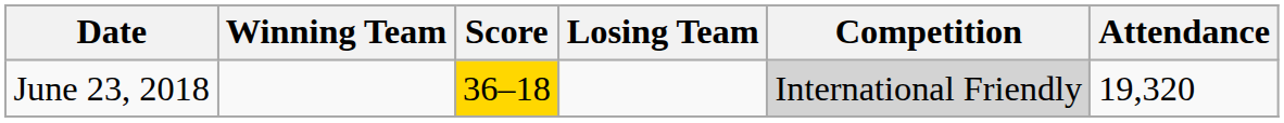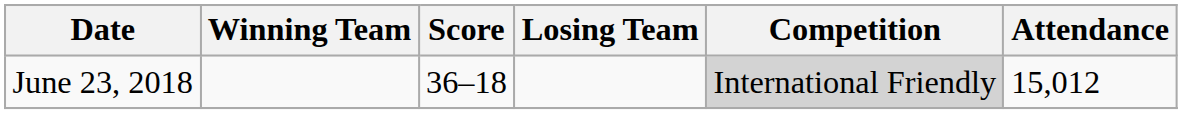 <table class="wikitable">
 <tr>
 <th style="text-align:center; ">Date</th>
 <th style="text-align:center; ">Winning Team</th>
 <th style="text-align:center; ">Score</th>
 <th style="text-align:center; ">Losing Team</th>
 <th style="text-align:center; ">Competition</th>
 <th style="text-align:center; ">Attendance</th>
 </tr>
 <tr>
 <td>June 23, 2018</td>
 <td><strong></strong></td>
-<td style="background: gold;">36–18</td>
+<td>36–18</td>
 <td></td>
 <td style="background: lightgrey;">International Friendly</td>
-<td>19,320</td>
+<td>15,012</td>
 </tr>
 <tr>
 </tr>
 </table>
